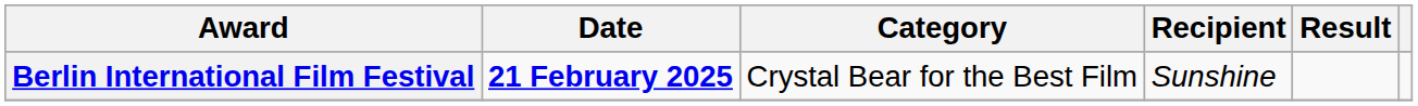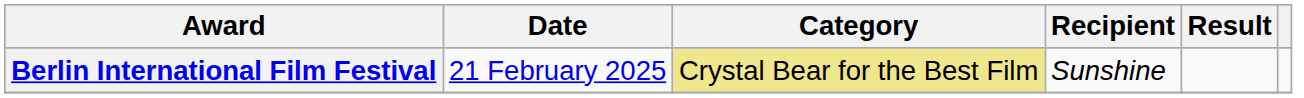 <table class="wikitable sortable plainrowheaders">
 <tr>
 <th>Award</th>
 <th>Date</th>
 <th>Category</th>
 <th>Recipient</th>
 <th>Result</th>
 <th></th>
 </tr>
 <tr>
 <th scope="row"><a href='#'>Berlin International Film Festival</a></th>
-<td><strong><a href='#'>21 February 2025</a></strong></td>
-<td>Crystal Bear for the Best Film</td>
+<td><a href='#'>21 February 2025</a></td>
+<td style="background: khaki;">Crystal Bear for the Best Film</td>
 <td><em>Sunshine</em></td>
 <td></td>
 <td align="center"></td>
 </tr>
 <tr>
 </tr>
 </table>
